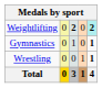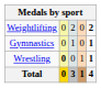 <table class="wikitable" style="font-size:85%">
 <tr style="background:#efefef;">
 <th colspan=7><strong>Medals by sport</strong></th>
 </tr>
 <tr align=center>
 <td><a href='#'>Weightlifting</a></td>
 <td style="background:#F7F6A8;">0</td>
-<td style="background:#DCE5E5;"><strong>2</strong></td>
+<td style="background:#DCE5E5;">2</td>
 <td style="background:#FFDAB9;">0</td>
-<td style="background: paleturquoise;"><strong>2</strong></td>
+<td><strong>2</strong></td>
 </tr>
 <tr align=center>
 <td><a href='#'>Gymnastics</a></td>
 <td style="background:#F7F6A8;">0</td>
 <td style="background:#DCE5E5;">1</td>
 <td style="background:#FFDAB9;">0</td>
 <td><strong>1</strong></td>
 </tr>
 <tr align=center>
 <td><a href='#'>Wrestling</a></td>
-<td style="background:#F7F6A8;">0</td>
+<td style="background:#F7F6A8;"><strong>0</strong></td>
 <td style="background:#DCE5E5;">0</td>
 <td style="background:#FFDAB9;">1</td>
 <td><strong>1</strong></td>
 </tr>
 <tr align=center>
 <th><strong>Total</strong></th>
 <th style="background:gold;"><strong>0</strong></th>
 <th style="background:silver;"><strong>3</strong></th>
 <th style="background:#c96;"><strong>1</strong></th>
 <th><strong>4</strong></th>
 </tr>
 </table>
